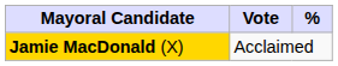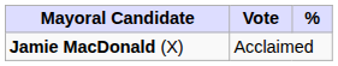 <table class="wikitable">
 <tr>
 <th style="background:#ddf; width:200px;">Mayoral Candidate</th>
 <th style="background:#ddf; width:50px;">Vote</th>
 <th style="background:#ddf; width:30px;">%</th>
 </tr>
 <tr>
-<td style="background: gold;"><strong>Jamie MacDonald</strong>  (X)</td>
+<td><strong>Jamie MacDonald</strong>  (X)</td>
 <td colspan="2">Acclaimed</td>
 </tr>
 </table>
